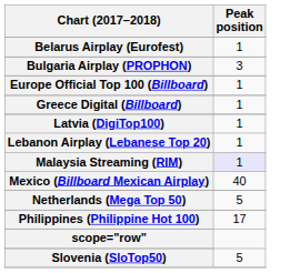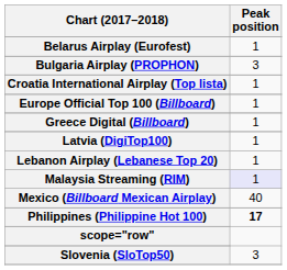 <table class="wikitable sortable plainrowheaders" style="text-align:center">
 <tr>
 <th scope="col">Chart (2017–2018)</th>
 <th scope="col">Peak<br>position</th>
 </tr>
 <tr>
 </tr>
 <tr>
 </tr>
 <tr>
 <th scope="row">Belarus Airplay (Eurofest)</th>
 <td>1</td>
 </tr>
 <tr>
 </tr>
 <tr>
 </tr>
 <tr>
 <th scope="row">Bulgaria Airplay (<a href='#'>PROPHON</a>)</th>
 <td>3</td>
 </tr>
 <tr>
 </tr>
 <tr>
 </tr>
 <tr>
+</tr>
+<tr>
+<th scope="row">Croatia International Airplay (<a href='#'>Top lista</a>)</th>
+<td>1</td>
 </tr>
 <tr>
 </tr>
 <tr>
 </tr>
 <tr>
 </tr>
 <tr>
 </tr>
 <tr>
 <th scope="row">Europe Official Top 100 (<em><a href='#'>Billboard</a></em>)</th>
 <td>1</td>
 </tr>
 <tr>
 </tr>
 <tr>
 </tr>
 <tr>
 </tr>
 <tr>
 <th scope="row">Greece Digital (<em><a href='#'>Billboard</a></em>)</th>
 <td>1</td>
 </tr>
 <tr>
 </tr>
 <tr>
 </tr>
 <tr>
 </tr>
 <tr>
 </tr>
 <tr>
 </tr>
 <tr>
 <th scope="row">Latvia (<a href='#'>DigiTop100</a>)</th>
 <td>1</td>
 </tr>
 <tr>
 <th scope="row">Lebanon Airplay (<a href='#'>Lebanese Top 20</a>)</th>
 <td>1</td>
 </tr>
 <tr>
 <th scope="row">Malaysia Streaming (<a href='#'>RIM</a>)</th>
 <td style="background: lavender;">1</td>
 </tr>
 <tr>
 <th scope="row">Mexico (<a href='#'><em>Billboard</em> Mexican Airplay</a>)</th>
 <td>40</td>
 </tr>
 <tr>
 </tr>
 <tr>
-<th scope="row">Netherlands (<a href='#'>Mega Top 50</a>)</th>
-<td>5</td>
-</tr>
-<tr>
 </tr>
 <tr>
 </tr>
 <tr>
 </tr>
 <tr>
 <th scope="row">Philippines (<a href='#'>Philippine Hot 100</a>)</th>
-<td>17</td>
+<td><strong>17</strong></td>
 </tr>
 <tr>
 </tr>
 <tr>
 </tr>
 <tr>
 <th>scope="row"</th>
 </tr>
 <tr>
 </tr>
 <tr>
 </tr>
 <tr>
 </tr>
 <tr>
 </tr>
 <tr>
 <th scope="row">Slovenia (<a href='#'>SloTop50</a>)</th>
-<td>5</td>
+<td>3</td>
 </tr>
 <tr>
 </tr>
 <tr>
 </tr>
 <tr>
 </tr>
 <tr>
 </tr>
 <tr>
 </tr>
 <tr>
 </tr>
 <tr>
 </tr>
 </table>
